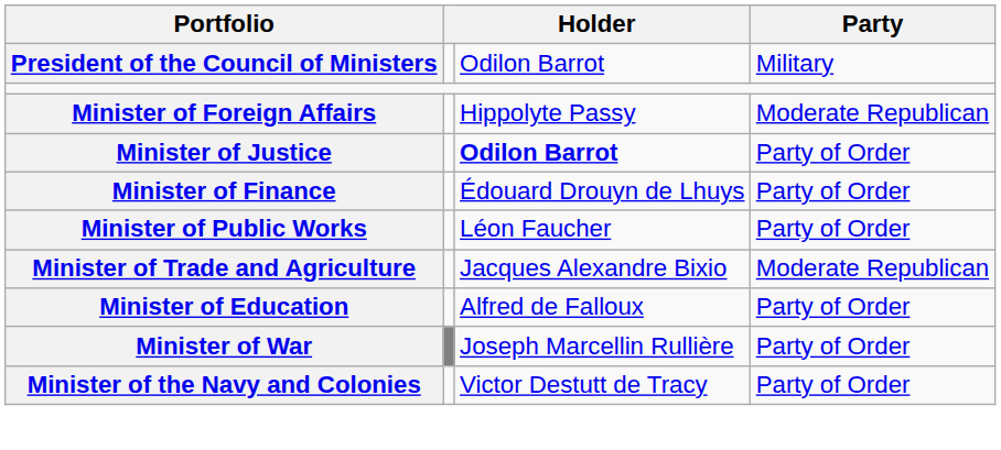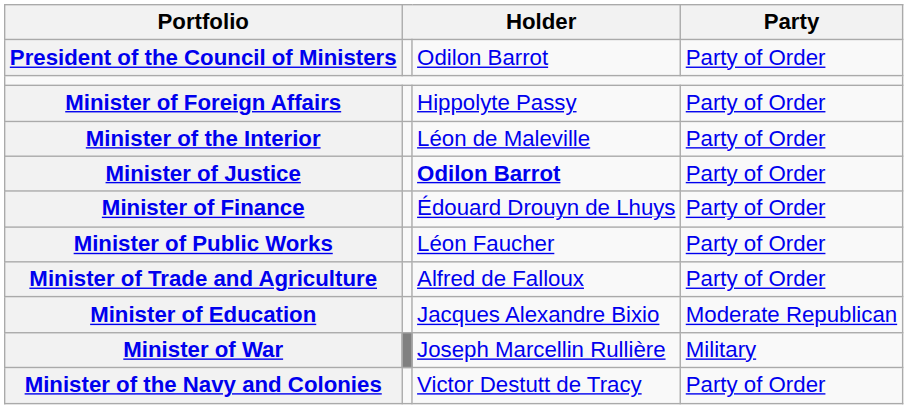 <table class="wikitable">
 <tr>
 <th>Portfolio</th>
 <th colspan=2>Holder</th>
 <th>Party</th>
 </tr>
 <tr>
 <th><a href='#'>President of the Council of Ministers</a></th>
 <td style="background:"></td>
 <td><a href='#'>Odilon Barrot</a></td>
-<td><a href='#'>Military</a></td>
+<td><a href='#'>Party of Order</a></td>
 </tr>
 <tr>
 <td colspan=4></td>
 </tr>
 <tr>
 <th><a href='#'>Minister of Foreign Affairs</a></th>
 <td style="background:"></td>
 <td><a href='#'>Hippolyte Passy</a></td>
-<td><a href='#'>Moderate Republican</a></td>
+<td><a href='#'>Party of Order</a></td>
+</tr>
+<tr>
+<th><a href='#'>Minister of the Interior</a></th>
+<td style="background:"></td>
+<td><a href='#'>Léon de Maleville</a></td>
+<td><a href='#'>Party of Order</a></td>
 </tr>
 <tr>
 <th><a href='#'>Minister of Justice</a></th>
 <td style="background:"></td>
 <td><strong><a href='#'>Odilon Barrot</a></strong></td>
 <td><a href='#'>Party of Order</a></td>
 </tr>
 <tr>
 <th><a href='#'>Minister of Finance</a></th>
 <td style="background:"></td>
 <td><a href='#'>Édouard Drouyn de Lhuys</a></td>
 <td><a href='#'>Party of Order</a></td>
 </tr>
 <tr>
 <th><a href='#'>Minister of Public Works</a></th>
 <td style="background:"></td>
 <td><a href='#'>Léon Faucher</a></td>
 <td><a href='#'>Party of Order</a></td>
 </tr>
 <tr>
 <th><a href='#'>Minister of Trade and Agriculture</a></th>
 <td style="background:"></td>
-<td><a href='#'>Jacques Alexandre Bixio</a></td>
-<td><a href='#'>Moderate Republican</a></td>
+<td><a href='#'>Alfred de Falloux</a></td>
+<td><a href='#'>Party of Order</a></td>
 </tr>
 <tr>
 <th><a href='#'>Minister of Education</a></th>
 <td style="background:"></td>
-<td><a href='#'>Alfred de Falloux</a></td>
-<td><a href='#'>Party of Order</a></td>
+<td><a href='#'>Jacques Alexandre Bixio</a></td>
+<td><a href='#'>Moderate Republican</a></td>
 </tr>
 <tr>
 <th><a href='#'>Minister of War</a></th>
 <td style="background:#808080;"></td>
 <td><a href='#'>Joseph Marcellin Rullière</a></td>
-<td><a href='#'>Party of Order</a></td>
+<td><a href='#'>Military</a></td>
 </tr>
 <tr>
 <th><a href='#'>Minister of the Navy and Colonies</a></th>
 <td style="background:"></td>
 <td><a href='#'>Victor Destutt de Tracy</a></td>
 <td><a href='#'>Party of Order</a></td>
 </tr>
 </table>
